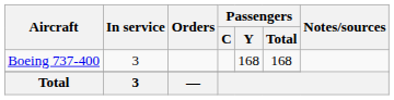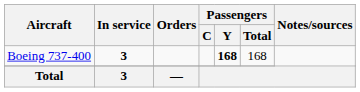 <table class="wikitable" style="margin:1em auto; border-collapse:collapse; text-align:center">
 <tr>
 <th rowspan="2">Aircraft</th>
 <th rowspan="2">In service</th>
 <th rowspan="2">Orders</th>
 <th colspan="3">Passengers</th>
 <th rowspan="2">Notes/sources</th>
 </tr>
 <tr>
 <th><abbr>C</abbr></th>
 <th><abbr>Y</abbr></th>
 <th>Total</th>
 </tr>
 <tr>
 <td><a href='#'>Boeing 737-400</a></td>
-<td>3</td>
+<td><strong>3</strong></td>
 <td></td>
 <td></td>
-<td>168</td>
+<td><strong>168</strong></td>
 <td>168</td>
 </tr>
 <tr>
 </tr>
 <tr>
 <th>Total</th>
 <th>3</th>
 <th>—</th>
 <th colspan="4"></th>
 </tr>
 </table>
